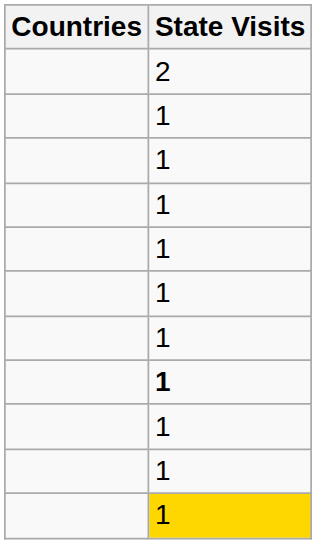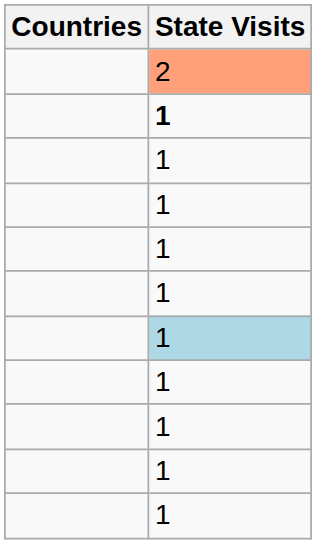 <table class="sortable wikitable">
 <tr>
 <th>Countries</th>
 <th>State Visits</th>
 </tr>
 <tr>
 <td></td>
-<td>2</td>
+<td style="background: lightsalmon;">2</td>
+</tr>
+<tr>
+<td></td>
+<td><strong>1</strong></td>
 </tr>
 <tr>
 <td></td>
 <td>1</td>
 </tr>
 <tr>
 <td></td>
 <td>1</td>
 </tr>
 <tr>
 <td></td>
 <td>1</td>
 </tr>
 <tr>
 <td></td>
 <td>1</td>
 </tr>
 <tr>
 <td></td>
-<td>1</td>
-</tr>
-<tr>
-<td></td>
-<td>1</td>
-</tr>
-<tr>
-<td></td>
-<td><strong>1</strong></td>
+<td style="background: lightblue;">1</td>
 </tr>
 <tr>
 <td></td>
 <td>1</td>
 </tr>
 <tr>
 <td></td>
 <td>1</td>
 </tr>
 <tr>
 <td></td>
-<td style="background: gold;">1</td>
+<td>1</td>
+</tr>
+<tr>
+<td></td>
+<td>1</td>
 </tr>
 </table>
